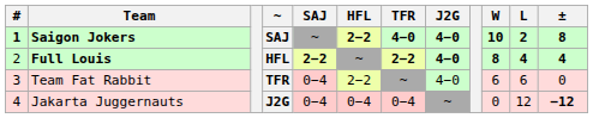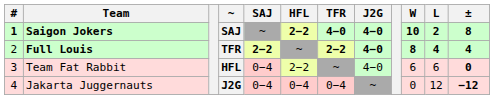 <table class="wikitable" style="font-size: 95%; text-align: center">
 <tr>
 <th width="15">#</th>
 <th style="width:200px;">Team</th>
 <th rowspan="5" style="width:5px;;"></th>
 <th>~</th>
 <th style="width:35px;" title="">SAJ</th>
 <th style="width:35px;" title="">HFL</th>
 <th style="width:35px;" title="">TFR</th>
 <th style="width:35px;" title="">J2G</th>
 <th rowspan="5" style="width:5px;;"></th>
 <th style="width:20px;" title="Wins">W</th>
 <th style="width:20px;" title="Losses">L</th>
 <th style="width:40px;">±</th>
 </tr>
 <tr style="background:#cfc;">
 <td><strong>1</strong></td>
 <td style="text-align: left"><strong> Saigon Jokers</strong></td>
 <th>SAJ</th>
 <td style="background-color:#aaaaaa">~</td>
 <td style="background-color:#efa"><strong>2−2</strong></td>
 <td style="background-color:#ccffcc"><strong>4−0</strong></td>
 <td style="background-color:#ccffcc"><strong>4−0</strong></td>
 <td><strong>10</strong></td>
 <td><strong>2</strong></td>
 <td><strong>8</strong></td>
 </tr>
 <tr style="background:#cfc;">
 <td>2</td>
 <td style="text-align: left"><strong> Full Louis</strong></td>
-<th>HFL</th>
+<th>TFR</th>
 <td style="background-color:#efa"><strong>2−2</strong></td>
 <td style="background-color:#aaaaaa">~</td>
 <td style="background-color:#efa"><strong>2−2</strong></td>
 <td style="background-color:#ccffcc"><strong>4−0</strong></td>
 <td><strong>8</strong></td>
 <td><strong>4</strong></td>
 <td><strong>4</strong></td>
 </tr>
 <tr style="background:#ffdbdb;">
 <td>3</td>
 <td style="text-align: left">  Team Fat Rabbit</td>
-<th>TFR</th>
+<th>HFL</th>
 <td style="background-color:#ffcccc">0−4</td>
 <td style="background-color:#efa">2−2</td>
 <td style="background-color:#aaaaaa">~</td>
 <td style="background-color:#ccffcc">4−0</td>
 <td>6</td>
 <td>6</td>
-<td>0</td>
+<td><strong>0</strong></td>
 </tr>
 <tr style="background:#ffdbdb;">
 <td>4</td>
 <td style="text-align: left"> Jakarta Juggernauts</td>
 <th>J2G</th>
 <td style="background-color:#ffcccc">0−4</td>
 <td style="background-color:#ffcccc">0−4</td>
 <td style="background-color:#ffcccc">0−4</td>
 <td style="background-color:#aaaaaa">~</td>
 <td>0</td>
 <td>12</td>
 <td><strong>−12</strong></td>
 </tr>
 </table>
